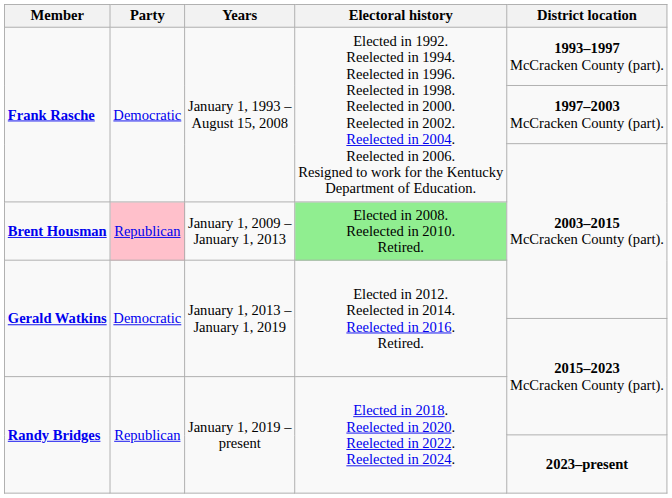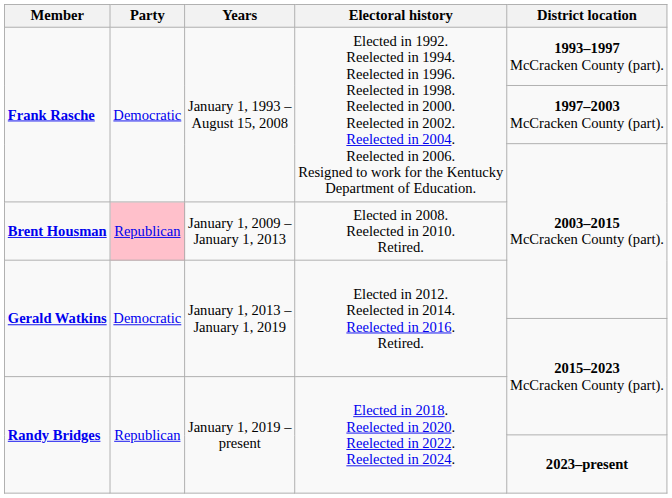 <table class=wikitable style="text-align:center">
 <tr>
 <th>Member</th>
 <th>Party</th>
 <th>Years</th>
 <th>Electoral history</th>
 <th>District location</th>
 </tr>
 <tr style="height:4em">
 <td rowspan=3 align=left><strong><a href='#'>Frank Rasche</a></strong><br></td>
 <td rowspan=3 ><a href='#'>Democratic</a></td>
 <td rowspan=3 nowrap>January 1, 1993 –<br>August 15, 2008</td>
 <td rowspan=3>Elected in 1992.<br>Reelected in 1994.<br>Reelected in 1996.<br>Reelected in 1998.<br>Reelected in 2000.<br>Reelected in 2002.<br><a href='#'>Reelected in 2004</a>.<br>Reelected in 2006.<br>Resigned to work for the Kentucky<br>Department of Education.</td>
 <td><strong>1993–1997</strong><br>McCracken County (part).</td>
 </tr>
 <tr style="height:4em">
 <td><strong>1997–2003</strong><br>McCracken County (part).</td>
 </tr>
 <tr style="height:4em">
 <td rowspan=3><strong>2003–2015</strong><br>McCracken County (part).</td>
 </tr>
 <tr style="height:4em">
 <td align=left><strong><a href='#'>Brent Housman</a></strong><br></td>
 <td style="background: pink;"><a href='#'>Republican</a></td>
 <td nowrap>January 1, 2009 –<br>January 1, 2013</td>
-<td style="background: lightgreen;">Elected in 2008.<br>Reelected in 2010.<br>Retired.</td>
+<td>Elected in 2008.<br>Reelected in 2010.<br>Retired.</td>
 </tr>
 <tr style="height:4em">
 <td rowspan=2 align=left><strong><a href='#'>Gerald Watkins</a></strong><br></td>
 <td rowspan=2 ><a href='#'>Democratic</a></td>
 <td rowspan=2 nowrap>January 1, 2013 –<br>January 1, 2019</td>
 <td rowspan=2>Elected in 2012.<br>Reelected in 2014.<br><a href='#'>Reelected in 2016</a>.<br>Retired.</td>
 </tr>
 <tr style="height:4em">
 <td rowspan=2><strong>2015–2023</strong><br>McCracken County (part).</td>
 </tr>
 <tr style="height:4em">
 <td rowspan=2 align=left><strong><a href='#'>Randy Bridges</a></strong><br></td>
 <td rowspan=2 ><a href='#'>Republican</a></td>
 <td rowspan=2 nowrap>January 1, 2019 –<br>present</td>
 <td rowspan=2><a href='#'>Elected in 2018</a>.<br><a href='#'>Reelected in 2020</a>.<br><a href='#'>Reelected in 2022</a>.<br><a href='#'>Reelected in 2024</a>.</td>
 </tr>
 <tr style="height:4em">
 <td><strong>2023–present</strong><br></td>
 </tr>
 </table>
